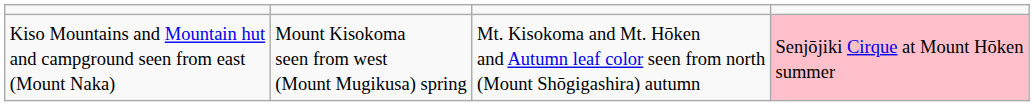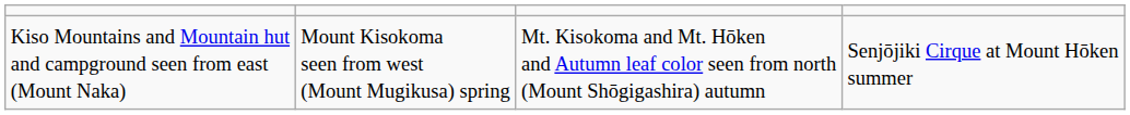 <table class="wikitable">
 <tr>
 <td></td>
 <td></td>
 <td></td>
 <td></td>
 </tr>
 <tr>
 <td><small>Kiso Mountains and <a href='#'>Mountain hut</a><br>and campground seen from east<br>(Mount Naka)</small></td>
 <td><small>Mount Kisokoma<br>seen from west<br>(Mount Mugikusa) spring</small></td>
 <td><small>Mt. Kisokoma and Mt. Hōken<br>and <a href='#'>Autumn leaf color</a> seen from north<br>(Mount Shōgigashira) autumn</small></td>
-<td style="background: pink;"><small>Senjōjiki <a href='#'>Cirque</a> at Mount Hōken<br>summer</small></td>
+<td><small>Senjōjiki <a href='#'>Cirque</a> at Mount Hōken<br>summer</small></td>
 </tr>
 </table>
